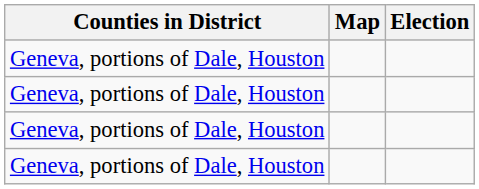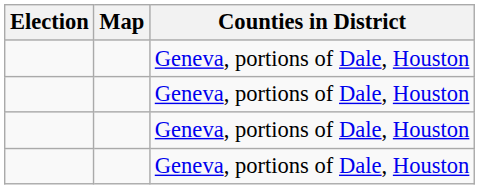 <table class="wikitable">
 <tr>
+<th>Election</th>
+<th>Map</th>
 <th>Counties in District</th>
-<th>Map</th>
-<th>Election</th>
 </tr>
 <tr>
-<td><a href='#'>Geneva</a>, portions of <a href='#'>Dale</a>, <a href='#'>Houston</a></td>
 <td></td>
 <td></td>
+<td><a href='#'>Geneva</a>, portions of <a href='#'>Dale</a>, <a href='#'>Houston</a></td>
 </tr>
 <tr>
-<td><a href='#'>Geneva</a>, portions of <a href='#'>Dale</a>, <a href='#'>Houston</a></td>
 <td></td>
 <td></td>
+<td><a href='#'>Geneva</a>, portions of <a href='#'>Dale</a>, <a href='#'>Houston</a></td>
 </tr>
 <tr>
-<td><a href='#'>Geneva</a>, portions of <a href='#'>Dale</a>, <a href='#'>Houston</a></td>
 <td></td>
 <td></td>
+<td><a href='#'>Geneva</a>, portions of <a href='#'>Dale</a>, <a href='#'>Houston</a></td>
 </tr>
 <tr>
-<td><a href='#'>Geneva</a>, portions of <a href='#'>Dale</a>, <a href='#'>Houston</a></td>
 <td></td>
 <td></td>
+<td><a href='#'>Geneva</a>, portions of <a href='#'>Dale</a>, <a href='#'>Houston</a></td>
 </tr>
 </table>
